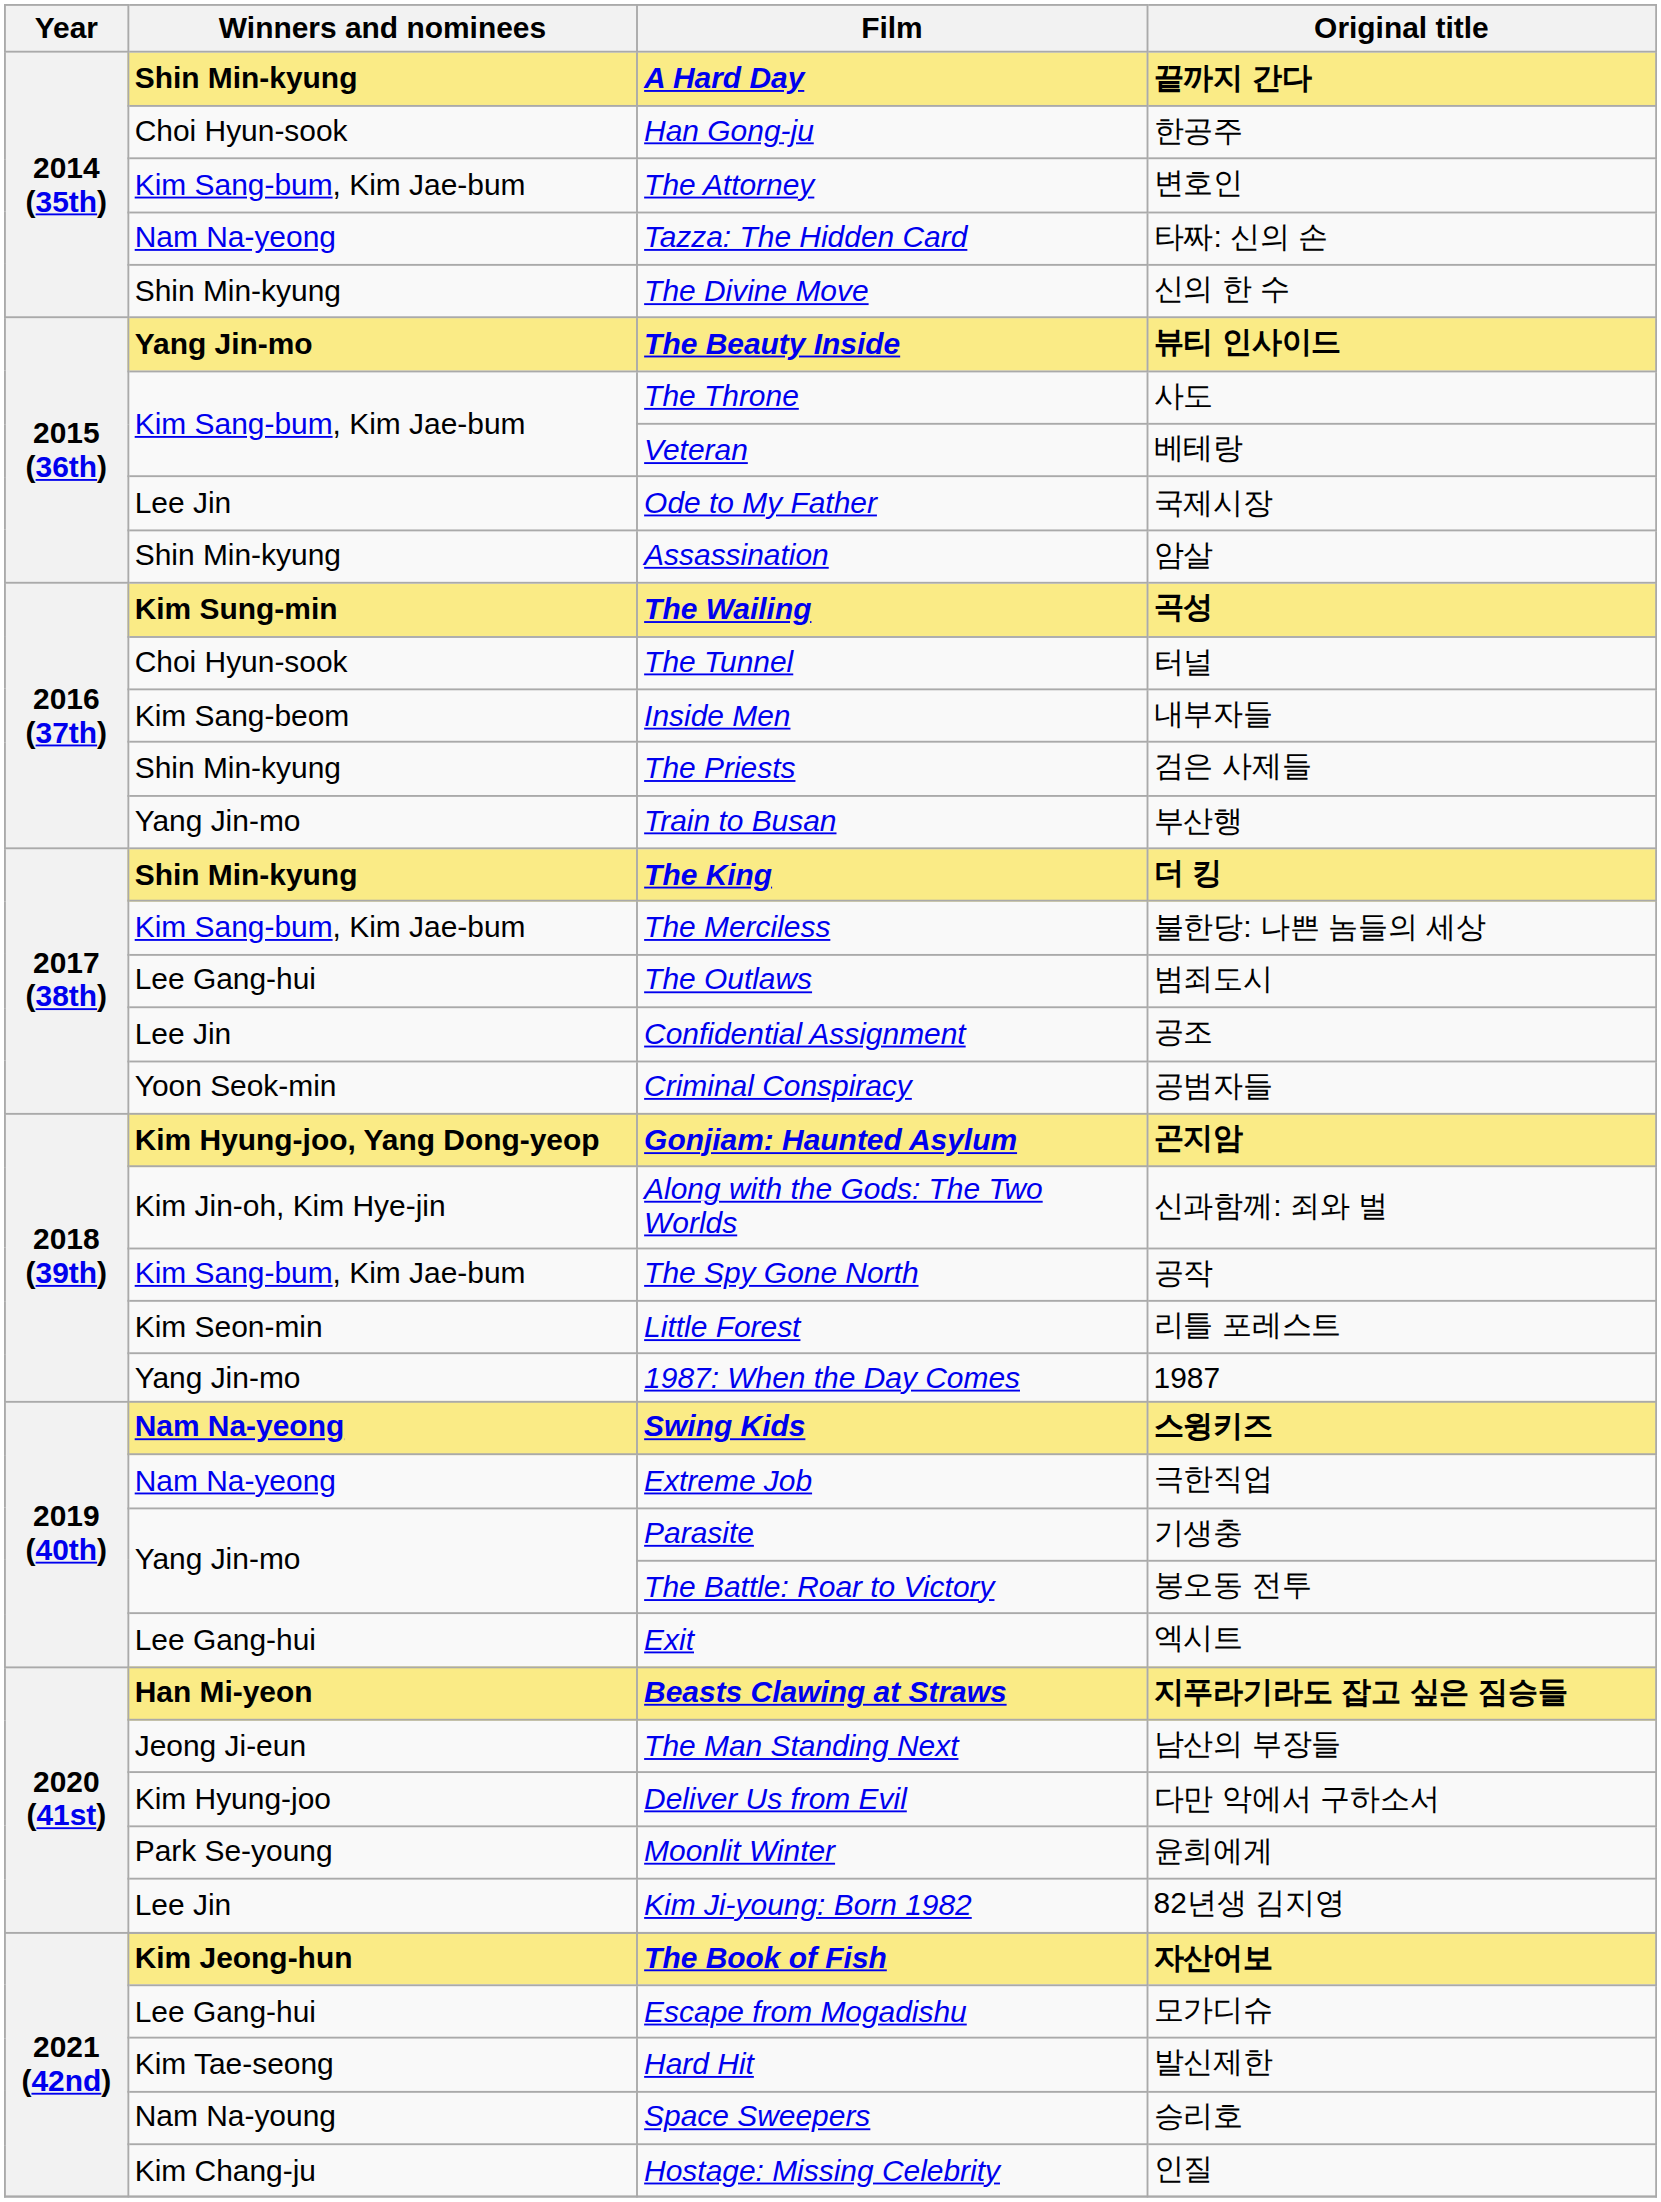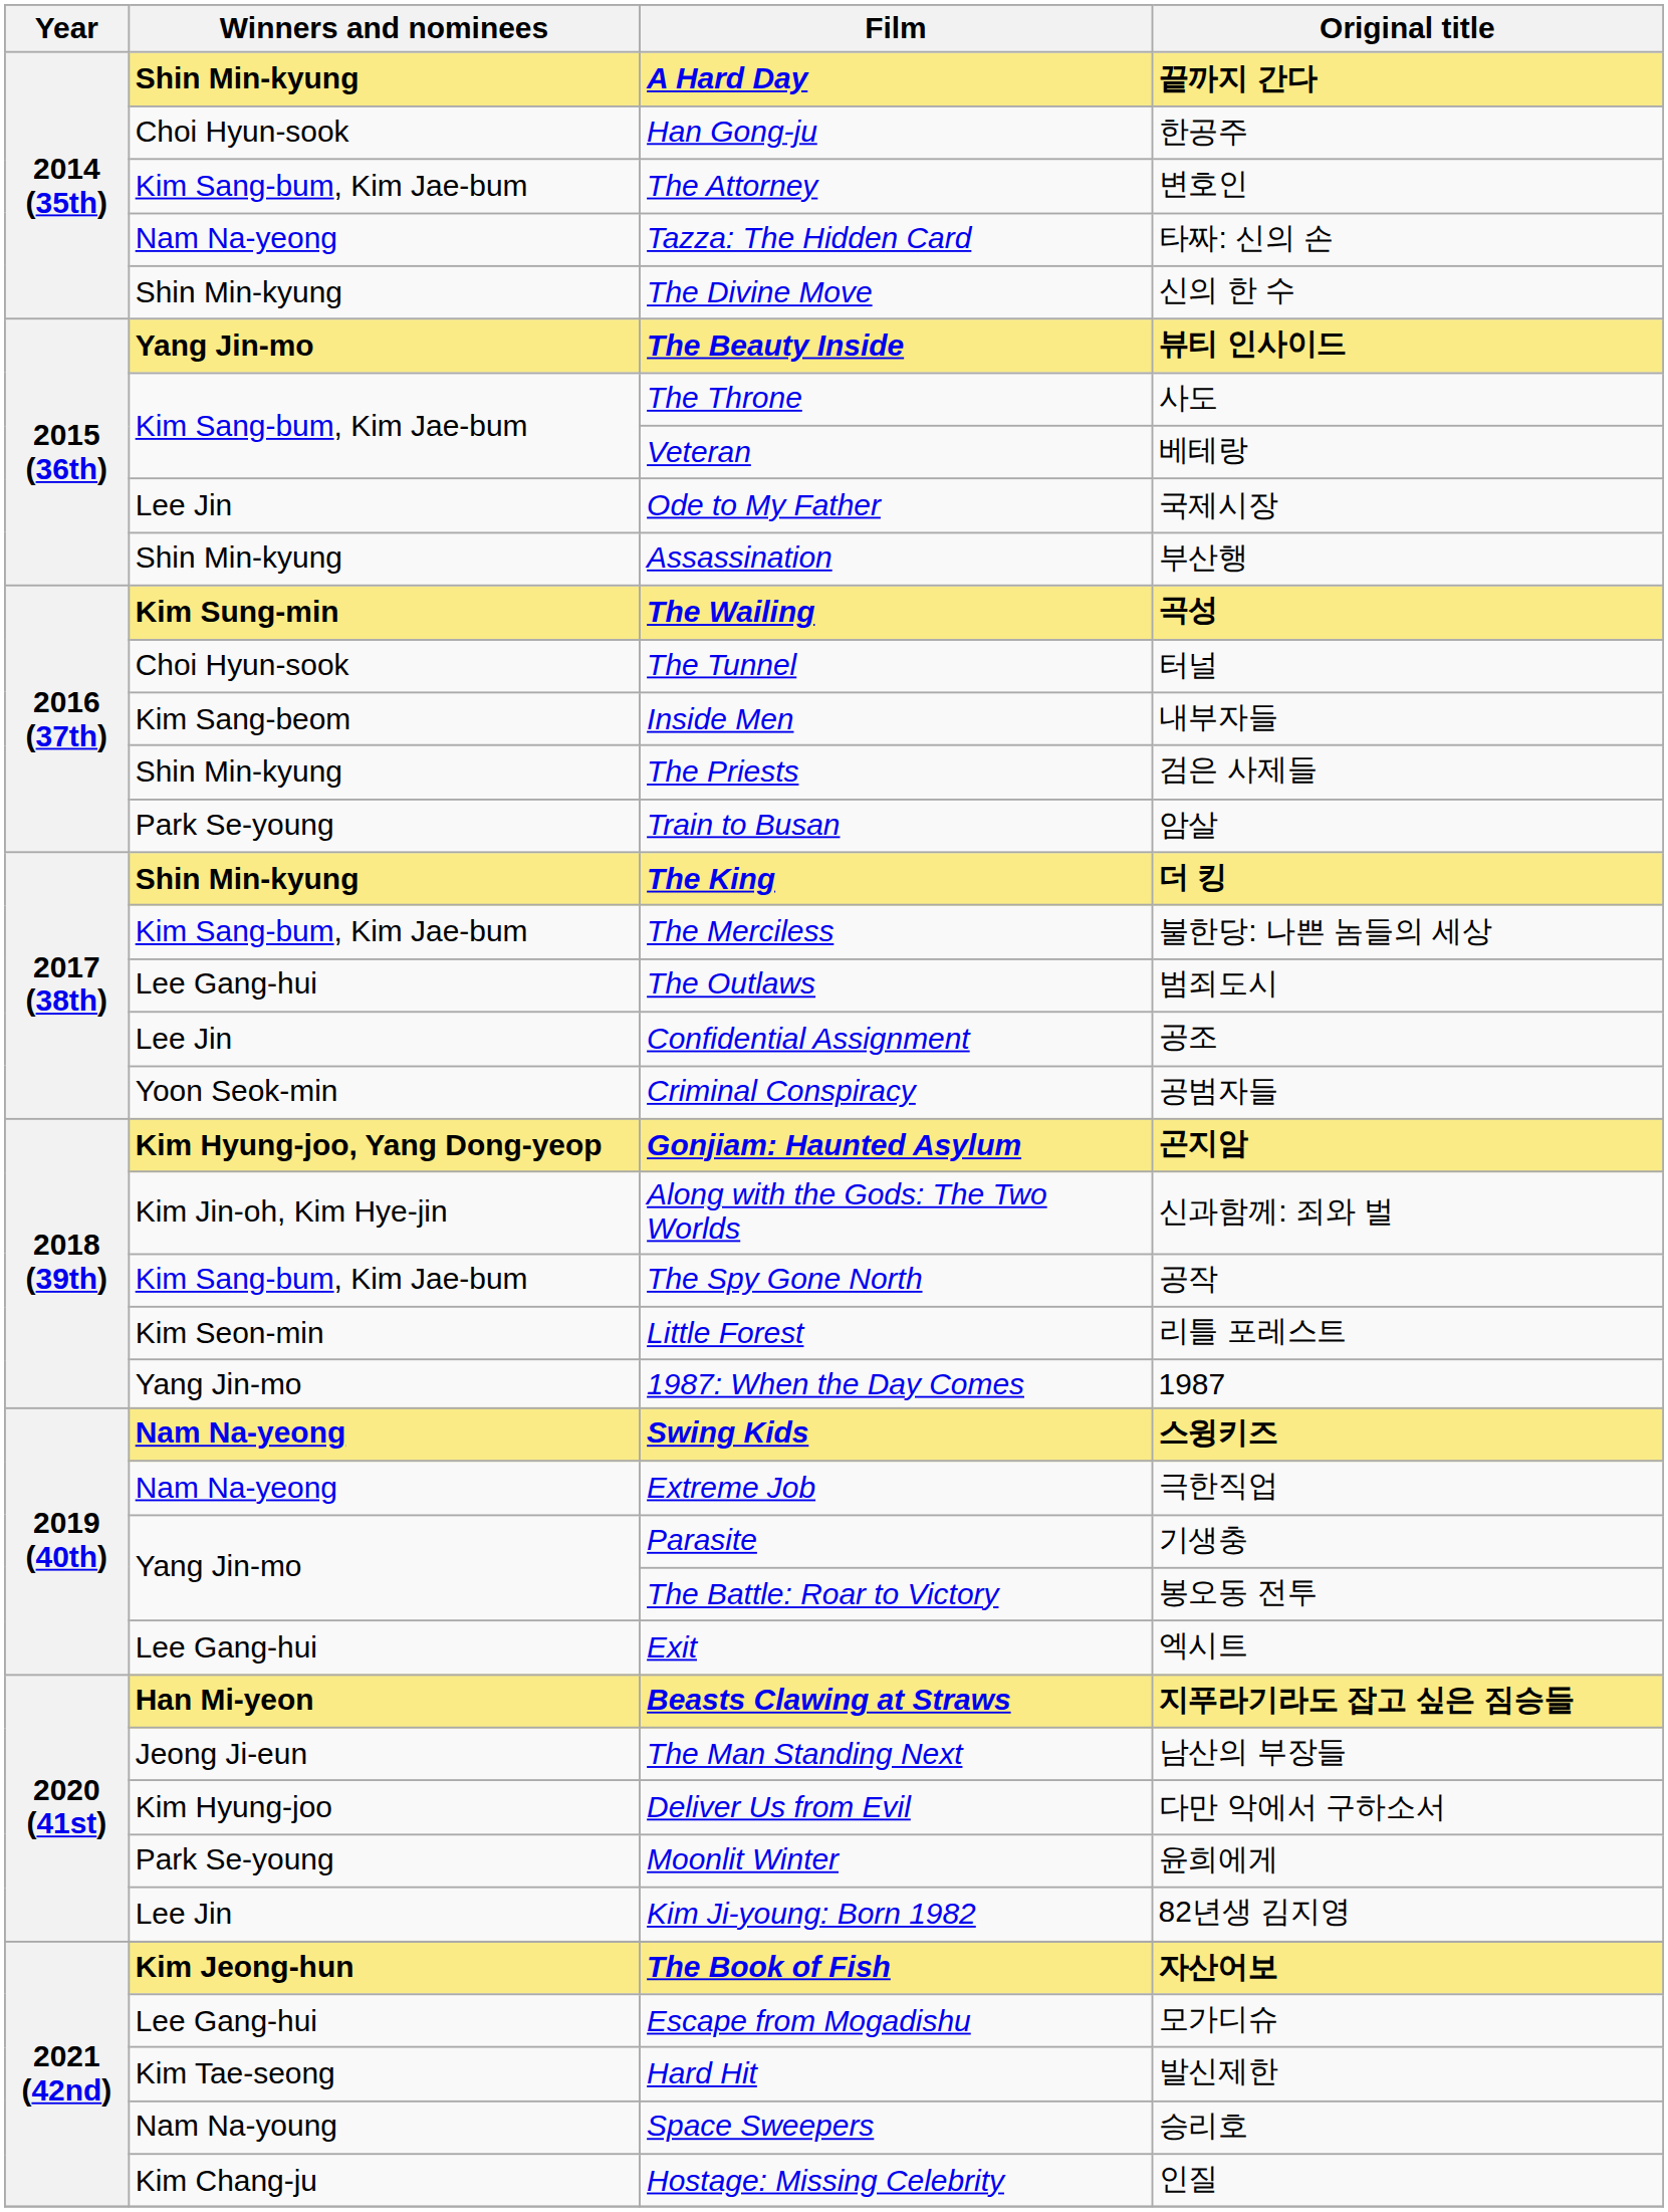 <table class="wikitable" style="width:100%;" cellpadding="4">
 <tr>
 <th style="width:5%;">Year</th>
 <th style="width:25%;">Winners and nominees</th>
 <th style="width:25%;">Film</th>
 <th style="width:25%;">Original title</th>
 </tr>
 <tr>
 <th rowspan="5"><div>2014<br>(<a href='#'>35th</a>) </div></th>
 <td style="background:#FAEB86;"><strong>Shin Min-kyung </strong></td>
 <td style="background:#FAEB86;"><strong><em><a href='#'>A Hard Day</a></em></strong></td>
 <td style="background:#FAEB86;"><strong>끝까지 간다</strong></td>
 </tr>
 <tr>
 <td>Choi Hyun-sook</td>
 <td><em><a href='#'>Han Gong-ju</a></em></td>
 <td>한공주</td>
 </tr>
 <tr>
 <td><a href='#'>Kim Sang-bum</a>, Kim Jae-bum</td>
 <td><em><a href='#'>The Attorney</a></em></td>
 <td>변호인</td>
 </tr>
 <tr>
 <td><a href='#'>Nam Na-yeong</a></td>
 <td><em><a href='#'>Tazza: The Hidden Card</a></em></td>
 <td>타짜: 신의 손</td>
 </tr>
 <tr>
 <td>Shin Min-kyung</td>
 <td><em><a href='#'>The Divine Move</a></em></td>
 <td>신의 한 수</td>
 </tr>
 <tr>
 <th rowspan="5"><div>2015<br>(<a href='#'>36th</a>) </div></th>
 <td style="background:#FAEB86;"><strong>Yang Jin-mo </strong></td>
 <td style="background:#FAEB86;"><em><a href='#'><strong>The Beauty Inside</strong></a></em></td>
 <td style="background:#FAEB86;"><strong>뷰티 인사이드</strong></td>
 </tr>
 <tr>
 <td rowspan="2"><a href='#'>Kim Sang-bum</a>, Kim Jae-bum</td>
 <td><em><a href='#'>The Throne</a></em></td>
 <td>사도</td>
 </tr>
 <tr>
 <td><em><a href='#'>Veteran</a></em></td>
 <td>베테랑</td>
 </tr>
 <tr>
 <td>Lee Jin</td>
 <td><em><a href='#'>Ode to My Father</a></em></td>
 <td>국제시장</td>
 </tr>
 <tr>
 <td>Shin Min-kyung</td>
 <td><em><a href='#'>Assassination</a></em></td>
-<td>암살</td>
+<td>부산행</td>
 </tr>
 <tr>
 <th rowspan="5"><div>2016<br>(<a href='#'>37th</a>) </div></th>
 <td style="background:#FAEB86;"><strong>Kim Sung-min </strong></td>
 <td style="background:#FAEB86;"><em><a href='#'><strong>The Wailing</strong></a></em></td>
 <td style="background:#FAEB86;"><strong>곡성</strong></td>
 </tr>
 <tr>
 <td>Choi Hyun-sook</td>
 <td><em><a href='#'>The Tunnel</a></em></td>
 <td>터널</td>
 </tr>
 <tr>
 <td>Kim Sang-beom</td>
 <td><em><a href='#'>Inside Men</a></em></td>
 <td>내부자들</td>
 </tr>
 <tr>
 <td>Shin Min-kyung</td>
 <td><em><a href='#'>The Priests</a></em></td>
 <td>검은 사제들</td>
 </tr>
 <tr>
-<td>Yang Jin-mo</td>
+<td>Park Se-young</td>
 <td><em><a href='#'>Train to Busan</a></em></td>
-<td>부산행</td>
+<td>암살</td>
 </tr>
 <tr>
 <th rowspan="5"><div>2017<br>(<a href='#'>38th</a>) </div></th>
 <td style="background:#FAEB86;"><strong>Shin Min-kyung </strong></td>
 <td style="background:#FAEB86;"><em><a href='#'><strong>The King</strong></a></em></td>
 <td style="background:#FAEB86;"><strong>더 킹</strong></td>
 </tr>
 <tr>
 <td><a href='#'>Kim Sang-bum</a>, Kim Jae-bum</td>
 <td><em><a href='#'>The Merciless</a></em></td>
 <td>불한당: 나쁜 놈들의 세상</td>
 </tr>
 <tr>
 <td>Lee Gang-hui</td>
 <td><em><a href='#'>The Outlaws</a></em></td>
 <td>범죄도시</td>
 </tr>
 <tr>
 <td>Lee Jin</td>
 <td><em><a href='#'>Confidential Assignment</a></em></td>
 <td>공조</td>
 </tr>
 <tr>
 <td>Yoon Seok-min</td>
 <td><em><a href='#'>Criminal Conspiracy</a></em></td>
 <td>공범자들</td>
 </tr>
 <tr>
 <th rowspan="5"><div>2018<br>(<a href='#'>39th</a>) </div></th>
 <td style="background:#FAEB86;"><strong>Kim Hyung-joo, Yang Dong-yeop </strong></td>
 <td style="background:#FAEB86;"><strong><em><a href='#'>Gonjiam: Haunted Asylum</a></em></strong></td>
 <td style="background:#FAEB86;"><strong>곤지암</strong></td>
 </tr>
 <tr>
 <td>Kim Jin-oh, Kim Hye-jin</td>
 <td><em><a href='#'>Along with the Gods: The Two Worlds</a></em></td>
 <td>신과함께: 죄와 벌</td>
 </tr>
 <tr>
 <td><a href='#'>Kim Sang-bum</a>, Kim Jae-bum</td>
 <td><em><a href='#'>The Spy Gone North</a></em></td>
 <td>공작</td>
 </tr>
 <tr>
 <td>Kim Seon-min</td>
 <td><em><a href='#'>Little Forest</a></em></td>
 <td>리틀 포레스트</td>
 </tr>
 <tr>
 <td>Yang Jin-mo</td>
 <td><em><a href='#'>1987: When the Day Comes</a></em></td>
 <td>1987</td>
 </tr>
 <tr>
 <th rowspan="5"><div>2019<br>(<a href='#'>40th</a>) </div></th>
 <td style="background:#FAEB86;"><strong><a href='#'>Nam Na-yeong</a></strong> </td>
 <td style="background:#FAEB86;"><em><a href='#'><strong>Swing Kids</strong></a></em></td>
 <td style="background:#FAEB86;"><strong>스윙키즈</strong></td>
 </tr>
 <tr>
 <td><a href='#'>Nam Na-yeong</a></td>
 <td><em><a href='#'>Extreme Job</a></em></td>
 <td>극한직업</td>
 </tr>
 <tr>
 <td rowspan="2">Yang Jin-mo</td>
 <td><em><a href='#'>Parasite</a></em></td>
 <td>기생충</td>
 </tr>
 <tr>
 <td><em><a href='#'>The Battle: Roar to Victory</a></em></td>
 <td>봉오동 전투</td>
 </tr>
 <tr>
 <td>Lee Gang-hui</td>
 <td><em><a href='#'>Exit</a></em></td>
 <td>엑시트</td>
 </tr>
 <tr>
 <th rowspan="5"><div>2020 (<a href='#'>41st</a>)<br></div></th>
 <td style="background:#FAEB86;"><strong>Han Mi-yeon</strong></td>
 <td style="background:#FAEB86;"><strong><em><a href='#'>Beasts Clawing at Straws</a></em></strong></td>
 <td style="background:#FAEB86;"><strong>지푸라기라도 잡고 싶은 짐승들</strong></td>
 </tr>
 <tr>
 <td>Jeong Ji-eun</td>
 <td><em><a href='#'>The Man Standing Next</a></em></td>
 <td>남산의 부장들</td>
 </tr>
 <tr>
 <td>Kim Hyung-joo</td>
 <td><a href='#'><em>Deliver Us from Evil</em></a></td>
 <td>다만 악에서 구하소서</td>
 </tr>
 <tr>
 <td>Park Se-young</td>
 <td><em><a href='#'>Moonlit Winter</a></em></td>
 <td>윤희에게</td>
 </tr>
 <tr>
 <td>Lee Jin</td>
 <td><em><a href='#'>Kim Ji-young: Born 1982</a></em></td>
 <td>82년생 김지영</td>
 </tr>
 <tr>
 <th rowspan="6"><div> 2021 (<a href='#'>42nd</a>)<br></div></th>
 </tr>
 <tr style="background:#FAEB86;">
 <td><strong>Kim Jeong-hun</strong></td>
 <td><strong><em><a href='#'>The Book of Fish</a></em></strong></td>
 <td><strong>자산어보</strong></td>
 </tr>
 <tr>
 <td>Lee Gang-hui</td>
 <td><em><a href='#'>Escape from Mogadishu</a></em></td>
 <td>모가디슈</td>
 </tr>
 <tr>
 <td>Kim Tae-seong</td>
 <td><em><a href='#'>Hard Hit</a></em></td>
 <td>발신제한</td>
 </tr>
 <tr>
 <td>Nam Na-young</td>
 <td><em><a href='#'>Space Sweepers</a></em></td>
 <td>승리호</td>
 </tr>
 <tr>
 <td>Kim Chang-ju</td>
 <td><em><a href='#'>Hostage: Missing Celebrity</a></em></td>
 <td>인질</td>
 </tr>
 <tr>
 </tr>
 </table>
